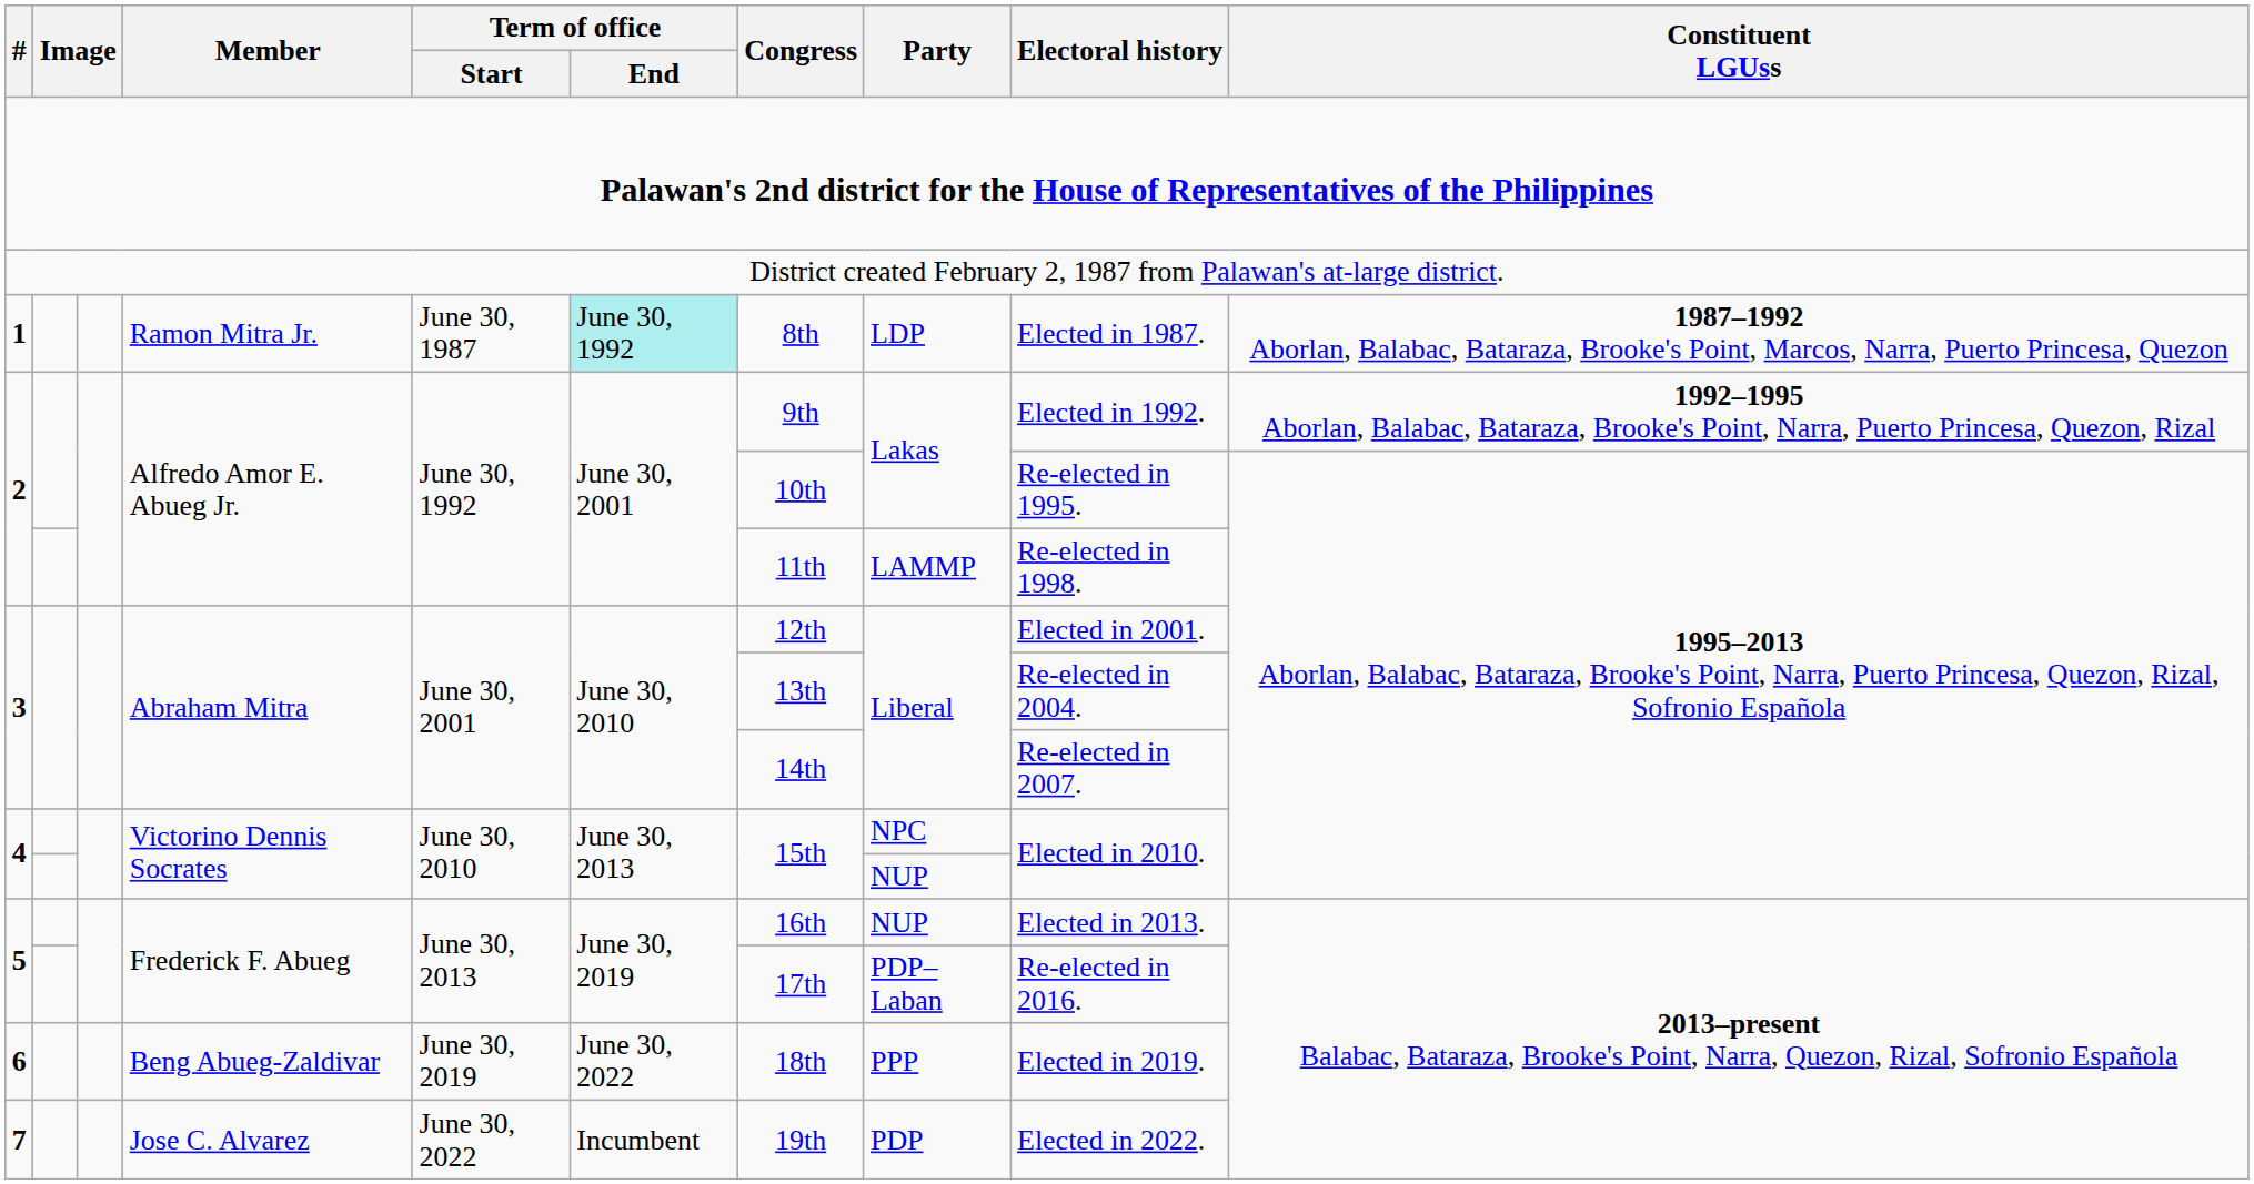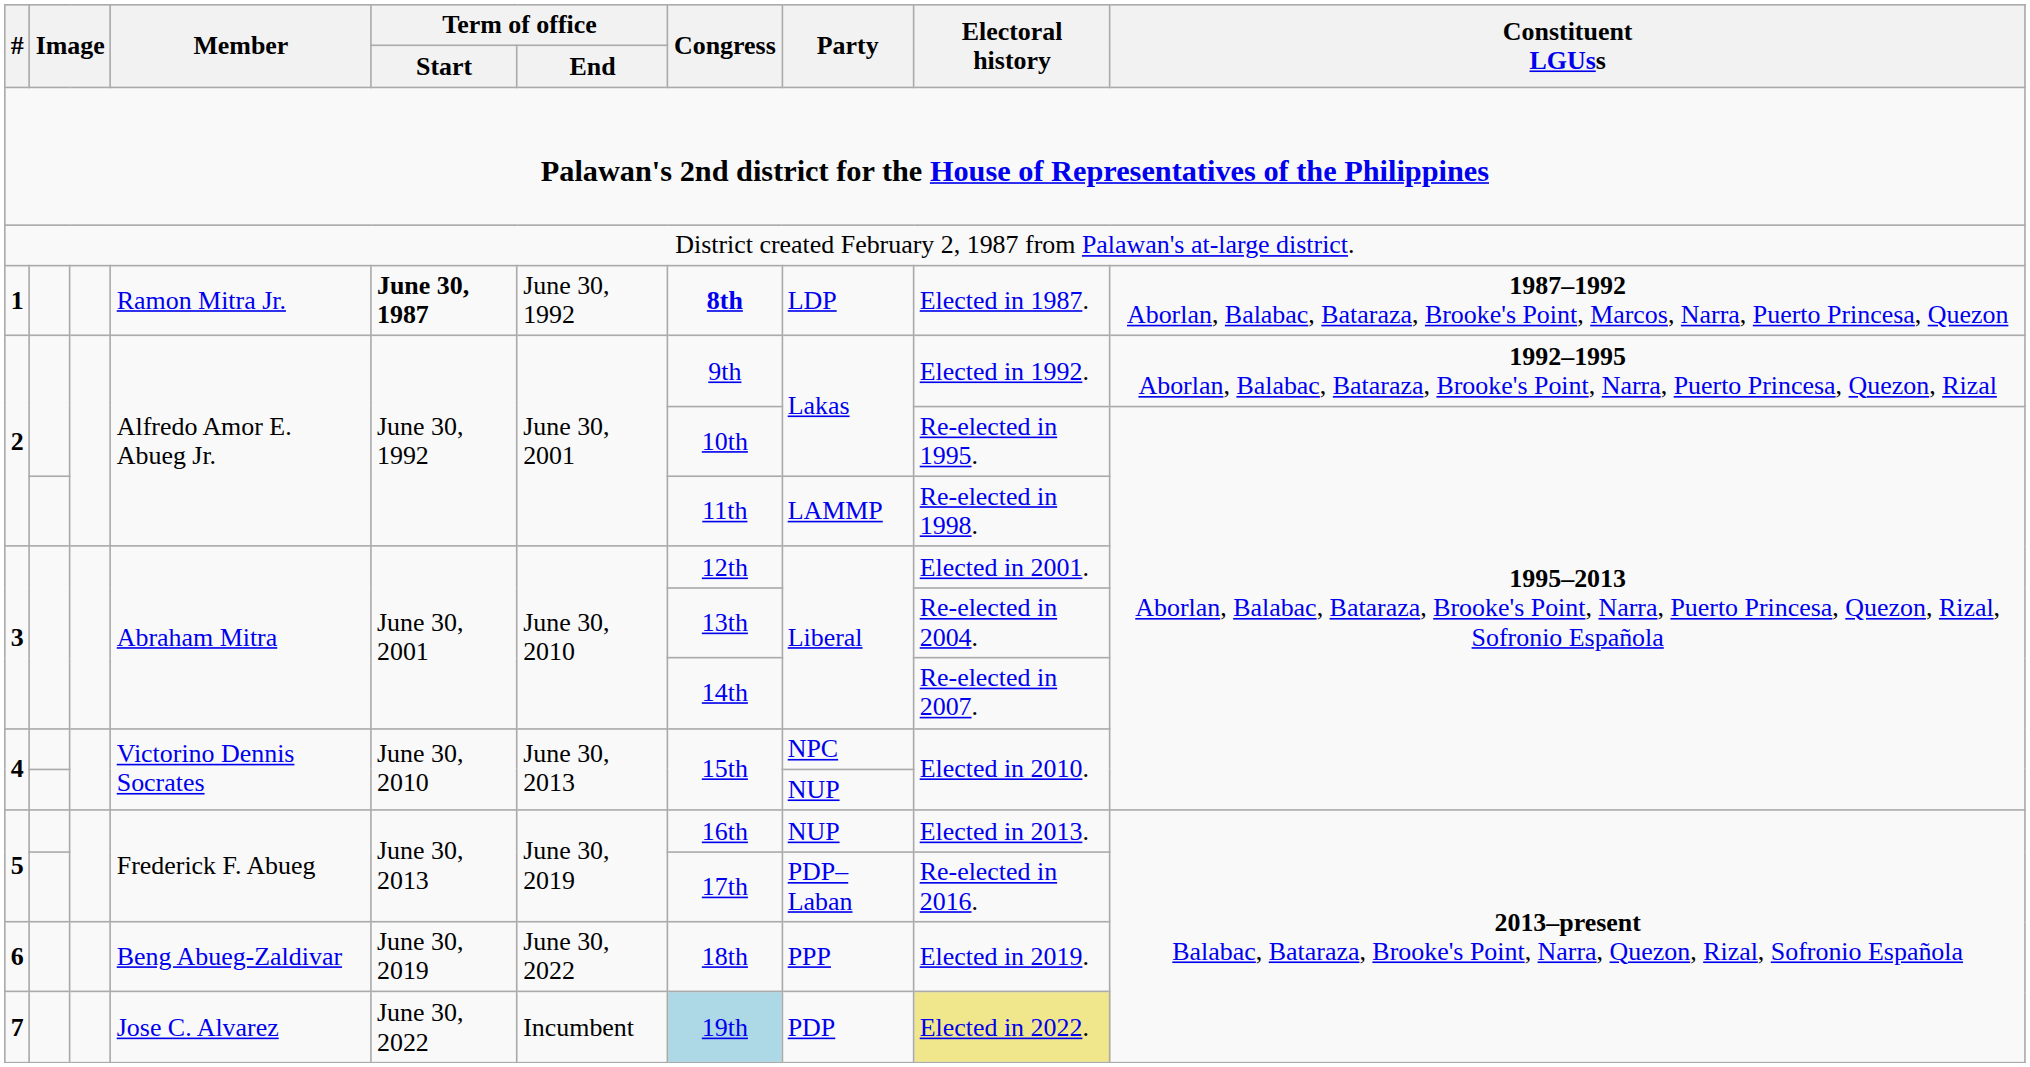 <table class=wikitable>
 <tr>
 <th rowspan="2">#</th>
 <th rowspan="2" colspan=2>Image</th>
 <th rowspan="2">Member</th>
 <th colspan=2>Term of office</th>
 <th rowspan="2">Congress</th>
 <th rowspan="2">Party</th>
 <th rowspan="2">Electoral history</th>
 <th rowspan="2">Constituent<br><a href='#'>LGUs</a>s</th>
 </tr>
 <tr>
 <th>Start</th>
 <th>End</th>
 </tr>
 <tr>
 <td colspan="10" style="text-align:center;"><br><h3>Palawan's 2nd district for the <a href='#'>House of Representatives of the Philippines</a></h3></td>
 </tr>
 <tr>
 <td colspan="10" style="text-align:center;">District created February 2, 1987 from <a href='#'>Palawan's at-large district</a>.</td>
 </tr>
 <tr>
 <td style="text-align:center;"><strong>1</strong></td>
 <td style="color:inherit;background:"></td>
 <td></td>
 <td><a href='#'>Ramon Mitra Jr.</a></td>
-<td>June 30, 1987</td>
-<td style="background: paleturquoise;">June 30, 1992</td>
-<td style="text-align:center;"><a href='#'>8th</a></td>
+<td><strong>June 30, 1987</strong></td>
+<td>June 30, 1992</td>
+<td style="text-align:center;"><strong><a href='#'>8th</a></strong></td>
 <td><a href='#'>LDP</a></td>
 <td><a href='#'>Elected in 1987</a>.</td>
 <td style="text-align:center;"><strong>1987–1992</strong><br><a href='#'>Aborlan</a>, <a href='#'>Balabac</a>, <a href='#'>Bataraza</a>, <a href='#'>Brooke's Point</a>, <a href='#'>Marcos</a>, <a href='#'>Narra</a>, <a href='#'>Puerto Princesa</a>, <a href='#'>Quezon</a></td>
 </tr>
 <tr>
 <td rowspan="3" style="text-align:center;"><strong>2</strong></td>
 <td rowspan="2" style="color:inherit;background:"></td>
 <td rowspan="3"></td>
 <td rowspan="3">Alfredo Amor E. Abueg Jr.</td>
 <td rowspan="3">June 30, 1992</td>
 <td rowspan="3">June 30, 2001</td>
 <td style="text-align:center;"><a href='#'>9th</a></td>
 <td rowspan="2"><a href='#'>Lakas</a></td>
 <td><a href='#'>Elected in 1992</a>.</td>
 <td style="text-align:center;"><strong>1992–1995</strong><br><a href='#'>Aborlan</a>, <a href='#'>Balabac</a>, <a href='#'>Bataraza</a>, <a href='#'>Brooke's Point</a>, <a href='#'>Narra</a>, <a href='#'>Puerto Princesa</a>, <a href='#'>Quezon</a>, <a href='#'>Rizal</a></td>
 </tr>
 <tr>
 <td style="text-align:center;"><a href='#'>10th</a></td>
 <td><a href='#'>Re-elected in 1995</a>.</td>
 <td rowspan="7" style="text-align:center;"><strong>1995–2013</strong><br><a href='#'>Aborlan</a>, <a href='#'>Balabac</a>, <a href='#'>Bataraza</a>, <a href='#'>Brooke's Point</a>, <a href='#'>Narra</a>, <a href='#'>Puerto Princesa</a>, <a href='#'>Quezon</a>, <a href='#'>Rizal</a>, <a href='#'>Sofronio Española</a></td>
 </tr>
 <tr>
 <td style="color:inherit;background:"></td>
 <td style="text-align:center;"><a href='#'>11th</a></td>
 <td><a href='#'>LAMMP</a></td>
 <td><a href='#'>Re-elected in 1998</a>.</td>
 </tr>
 <tr>
 <td rowspan="3" style="text-align:center;"><strong>3</strong></td>
 <td rowspan="3" style="color:inherit;background:"></td>
 <td rowspan="3"></td>
 <td rowspan="3"><a href='#'>Abraham Mitra</a></td>
 <td rowspan="3">June 30, 2001</td>
 <td rowspan="3">June 30, 2010</td>
 <td style="text-align:center;"><a href='#'>12th</a></td>
 <td rowspan="3"><a href='#'>Liberal</a></td>
 <td><a href='#'>Elected in 2001</a>.</td>
 </tr>
 <tr>
 <td style="text-align:center;"><a href='#'>13th</a></td>
 <td><a href='#'>Re-elected in 2004</a>.</td>
 </tr>
 <tr>
 <td style="text-align:center;"><a href='#'>14th</a></td>
 <td><a href='#'>Re-elected in 2007</a>.</td>
 </tr>
 <tr>
 <td style="text-align:center;" rowspan="2"><strong>4</strong></td>
 <td style="color:inherit;background:"></td>
 <td rowspan="2"></td>
 <td rowspan="2"><a href='#'>Victorino Dennis Socrates</a></td>
 <td rowspan="2">June 30, 2010</td>
 <td rowspan="2">June 30, 2013</td>
 <td style="text-align:center;" rowspan="2"><a href='#'>15th</a></td>
 <td><a href='#'>NPC</a></td>
 <td rowspan="2"><a href='#'>Elected in 2010</a>.</td>
 </tr>
 <tr>
 <td style="color:inherit;background:"></td>
 <td><a href='#'>NUP</a></td>
 </tr>
 <tr>
 <td rowspan="2" style="text-align:center;"><strong>5</strong></td>
 <td style="color:inherit;background:"></td>
 <td rowspan="2"></td>
 <td rowspan="2">Frederick F. Abueg</td>
 <td rowspan="2">June 30, 2013</td>
 <td rowspan="2">June 30, 2019</td>
 <td style="text-align:center;"><a href='#'>16th</a></td>
 <td><a href='#'>NUP</a></td>
 <td><a href='#'>Elected in 2013</a>.</td>
 <td rowspan="4" style="text-align:center;"><strong>2013–present</strong><br><a href='#'>Balabac</a>, <a href='#'>Bataraza</a>, <a href='#'>Brooke's Point</a>, <a href='#'>Narra</a>, <a href='#'>Quezon</a>, <a href='#'>Rizal</a>, <a href='#'>Sofronio Española</a></td>
 </tr>
 <tr>
 <td style="color:inherit;background:"></td>
 <td style="text-align:center;"><a href='#'>17th</a></td>
 <td><a href='#'>PDP–Laban</a></td>
 <td><a href='#'>Re-elected in 2016</a>.</td>
 </tr>
 <tr>
 <td style="text-align:center;"><strong>6</strong></td>
 <td style="color:inherit;background:"></td>
 <td></td>
 <td><a href='#'>Beng Abueg-Zaldivar</a></td>
 <td>June 30, 2019</td>
 <td>June 30, 2022</td>
 <td style="text-align:center;"><a href='#'>18th</a></td>
 <td><a href='#'>PPP</a></td>
 <td><a href='#'>Elected in 2019</a>.</td>
 </tr>
 <tr>
 <td style="text-align:center;"><strong>7</strong></td>
 <td style="color:inherit;background:"></td>
 <td></td>
 <td><a href='#'>Jose C. Alvarez</a></td>
 <td>June 30, 2022</td>
 <td>Incumbent</td>
-<td style="text-align:center;"><a href='#'>19th</a></td>
+<td style="background: lightblue; text-align:center;"><a href='#'>19th</a></td>
 <td><a href='#'>PDP</a></td>
-<td><a href='#'>Elected in 2022</a>.</td>
+<td style="background: khaki;"><a href='#'>Elected in 2022</a>.</td>
 </tr>
 </table>
